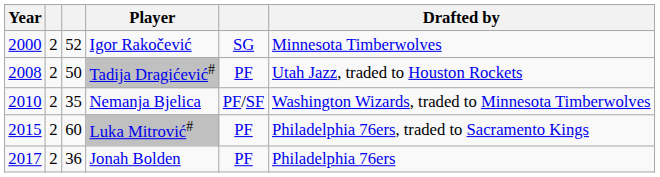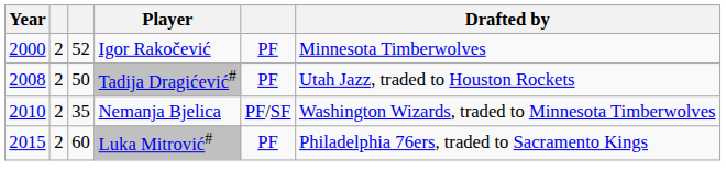 <table class="wikitable sortable" style="text-align: left;">
 <tr>
 <th>Year</th>
 <th></th>
 <th></th>
 <th>Player</th>
 <th></th>
 <th>Drafted by</th>
 </tr>
 <tr>
 <td style="text-align:center;"><a href='#'>2000</a></td>
 <td style="text-align:center;">2</td>
 <td style="text-align:center;">52</td>
 <td> <a href='#'>Igor Rakočević</a></td>
-<td style="text-align:center;"><a href='#'>SG</a></td>
+<td style="text-align:center;"><a href='#'>PF</a></td>
 <td><a href='#'>Minnesota Timberwolves</a></td>
 </tr>
 <tr>
 <td style="text-align:center;"><a href='#'>2008</a></td>
 <td style="text-align:center;">2</td>
 <td style="text-align:center;">50</td>
 <td style="background:silver;"> <a href='#'>Tadija Dragićević</a><sup>#</sup></td>
 <td style="text-align:center;"><a href='#'>PF</a></td>
 <td><a href='#'>Utah Jazz</a>, traded to <a href='#'>Houston Rockets</a></td>
 </tr>
 <tr>
 <td style="text-align:center;"><a href='#'>2010</a></td>
 <td style="text-align:center;">2</td>
 <td style="text-align:center;">35</td>
 <td> <a href='#'>Nemanja Bjelica</a></td>
 <td style="text-align:center;"><a href='#'>PF</a>/<a href='#'>SF</a></td>
 <td><a href='#'>Washington Wizards</a>, traded to <a href='#'>Minnesota Timberwolves</a></td>
 </tr>
 <tr>
 <td style="text-align:center;"><a href='#'>2015</a></td>
 <td style="text-align:center;">2</td>
 <td style="text-align:center;">60</td>
 <td style="background:silver;"> <a href='#'>Luka Mitrović</a><sup>#</sup></td>
 <td style="text-align:center;"><a href='#'>PF</a></td>
 <td><a href='#'>Philadelphia 76ers</a>, traded to <a href='#'>Sacramento Kings</a></td>
 </tr>
-<tr>
-<td style="text-align:center;"><a href='#'>2017</a></td>
-<td style="text-align:center;">2</td>
-<td style="text-align:center;">36</td>
-<td> <a href='#'>Jonah Bolden</a></td>
-<td style="text-align:center;"><a href='#'>PF</a></td>
-<td><a href='#'>Philadelphia 76ers</a></td>
-</tr>
 </table>
